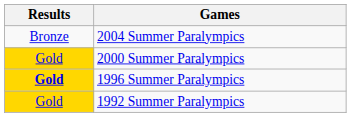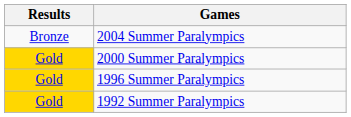 <table class="wikitable">
 <tr valign=top>
 <th style="width:16%;" scope=col>Results</th>
 <th style="width:45%;" scope=col>Games</th>
 </tr>
 <tr valign=top>
 <td style="text-align:center; background:Bronze;"><a href='#'>Bronze</a></td>
 <td><a href='#'>2004 Summer Paralympics</a></td>
 </tr>
 <tr valign=top>
 <td style="text-align:center; background:gold;"><a href='#'>Gold</a></td>
 <td><a href='#'>2000 Summer Paralympics</a></td>
 </tr>
 <tr valign=top>
-<td style="text-align:center; background:gold;"><strong><a href='#'>Gold</a></strong></td>
+<td style="text-align:center; background:gold;"><a href='#'>Gold</a></td>
 <td><a href='#'>1996 Summer Paralympics</a></td>
 </tr>
 <tr valign=top>
 <td style="text-align:center; background:gold;"><a href='#'>Gold</a></td>
 <td><a href='#'>1992 Summer Paralympics</a></td>
 </tr>
 </table>
